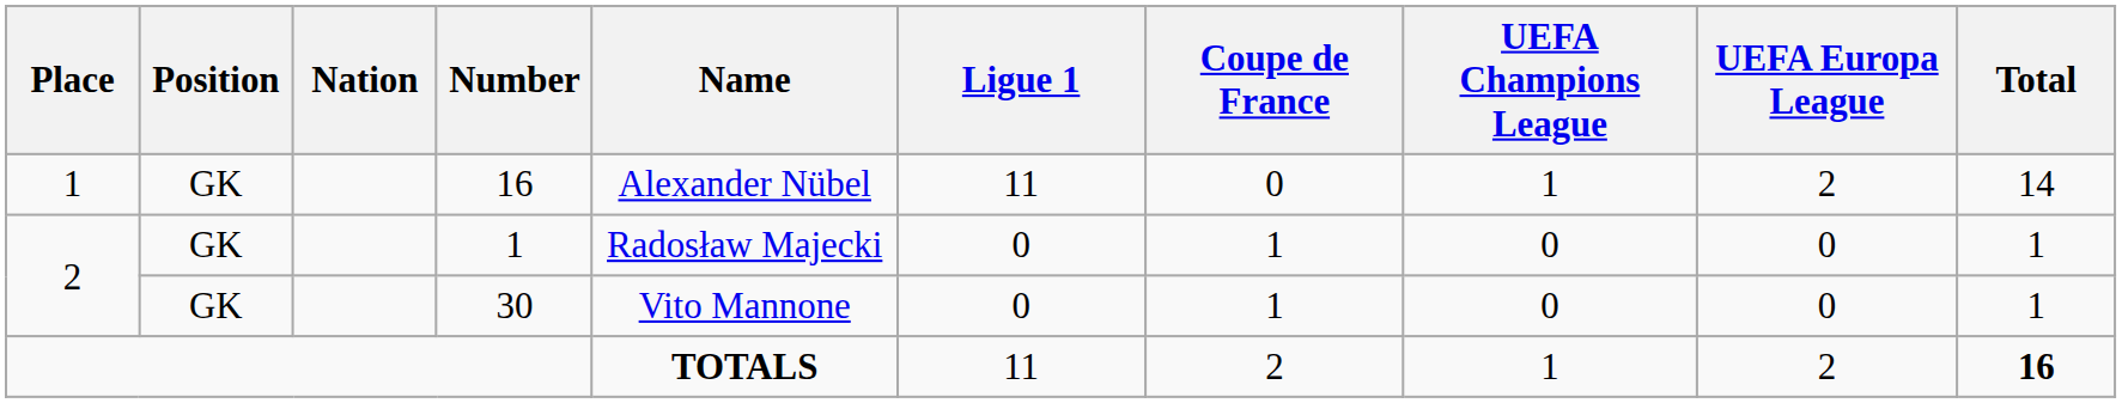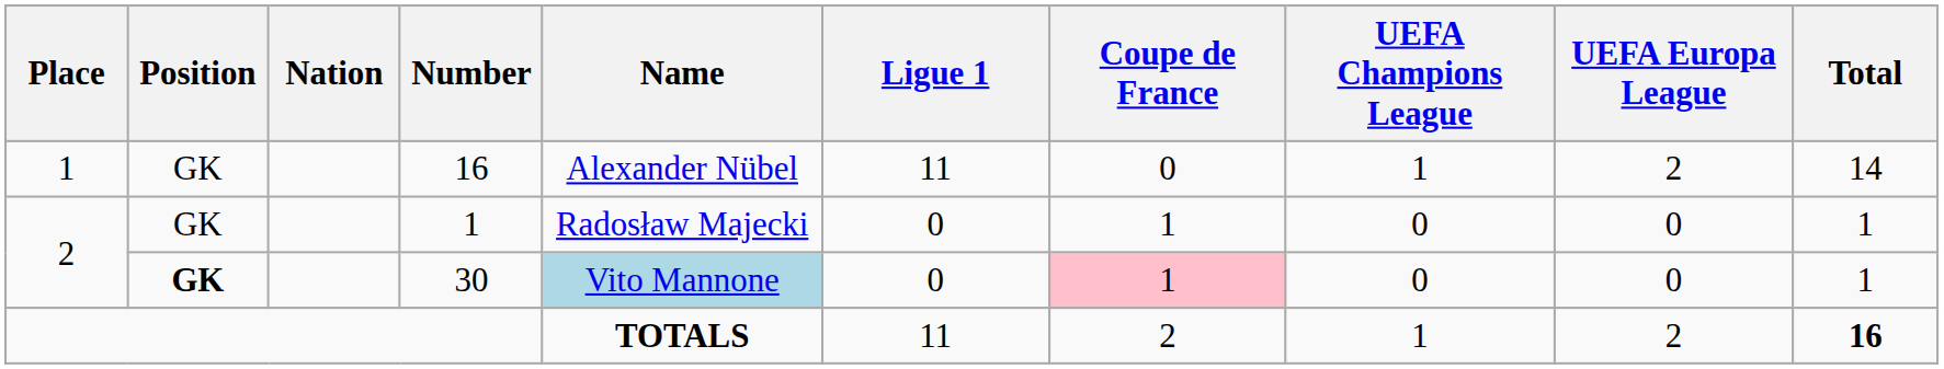 <table class="wikitable" style="font-size: 95%; text-align: center;">
 <tr>
 <th width=60>Place</th>
 <th width=60>Position</th>
 <th width=60>Nation</th>
 <th width=60>Number</th>
 <th width=170>Name</th>
 <th width=150><a href='#'>Ligue 1</a></th>
 <th width=150><a href='#'>Coupe de France</a></th>
 <th width=150><a href='#'>UEFA Champions League</a></th>
 <th width=150><a href='#'>UEFA Europa League</a></th>
 <th width=80>Total</th>
 </tr>
 <tr>
 <td>1</td>
 <td>GK</td>
 <td></td>
 <td>16</td>
 <td><a href='#'>Alexander Nübel</a></td>
 <td>11</td>
 <td>0</td>
 <td>1</td>
 <td>2</td>
 <td>14</td>
 </tr>
 <tr>
 <td rowspan="2">2</td>
 <td>GK</td>
 <td></td>
 <td>1</td>
 <td><a href='#'>Radosław Majecki</a></td>
 <td>0</td>
 <td>1</td>
 <td>0</td>
 <td>0</td>
 <td>1</td>
 </tr>
 <tr>
-<td>GK</td>
+<td><strong>GK</strong></td>
 <td></td>
 <td>30</td>
-<td><a href='#'>Vito Mannone</a></td>
+<td style="background: lightblue;"><a href='#'>Vito Mannone</a></td>
 <td>0</td>
-<td>1</td>
+<td style="background: pink;">1</td>
 <td>0</td>
 <td>0</td>
 <td>1</td>
 </tr>
 <tr>
 <td colspan="4"></td>
 <td><strong>TOTALS</strong></td>
 <td>11</td>
 <td>2</td>
 <td>1</td>
 <td>2</td>
 <td><strong>16</strong></td>
 </tr>
 </table>
